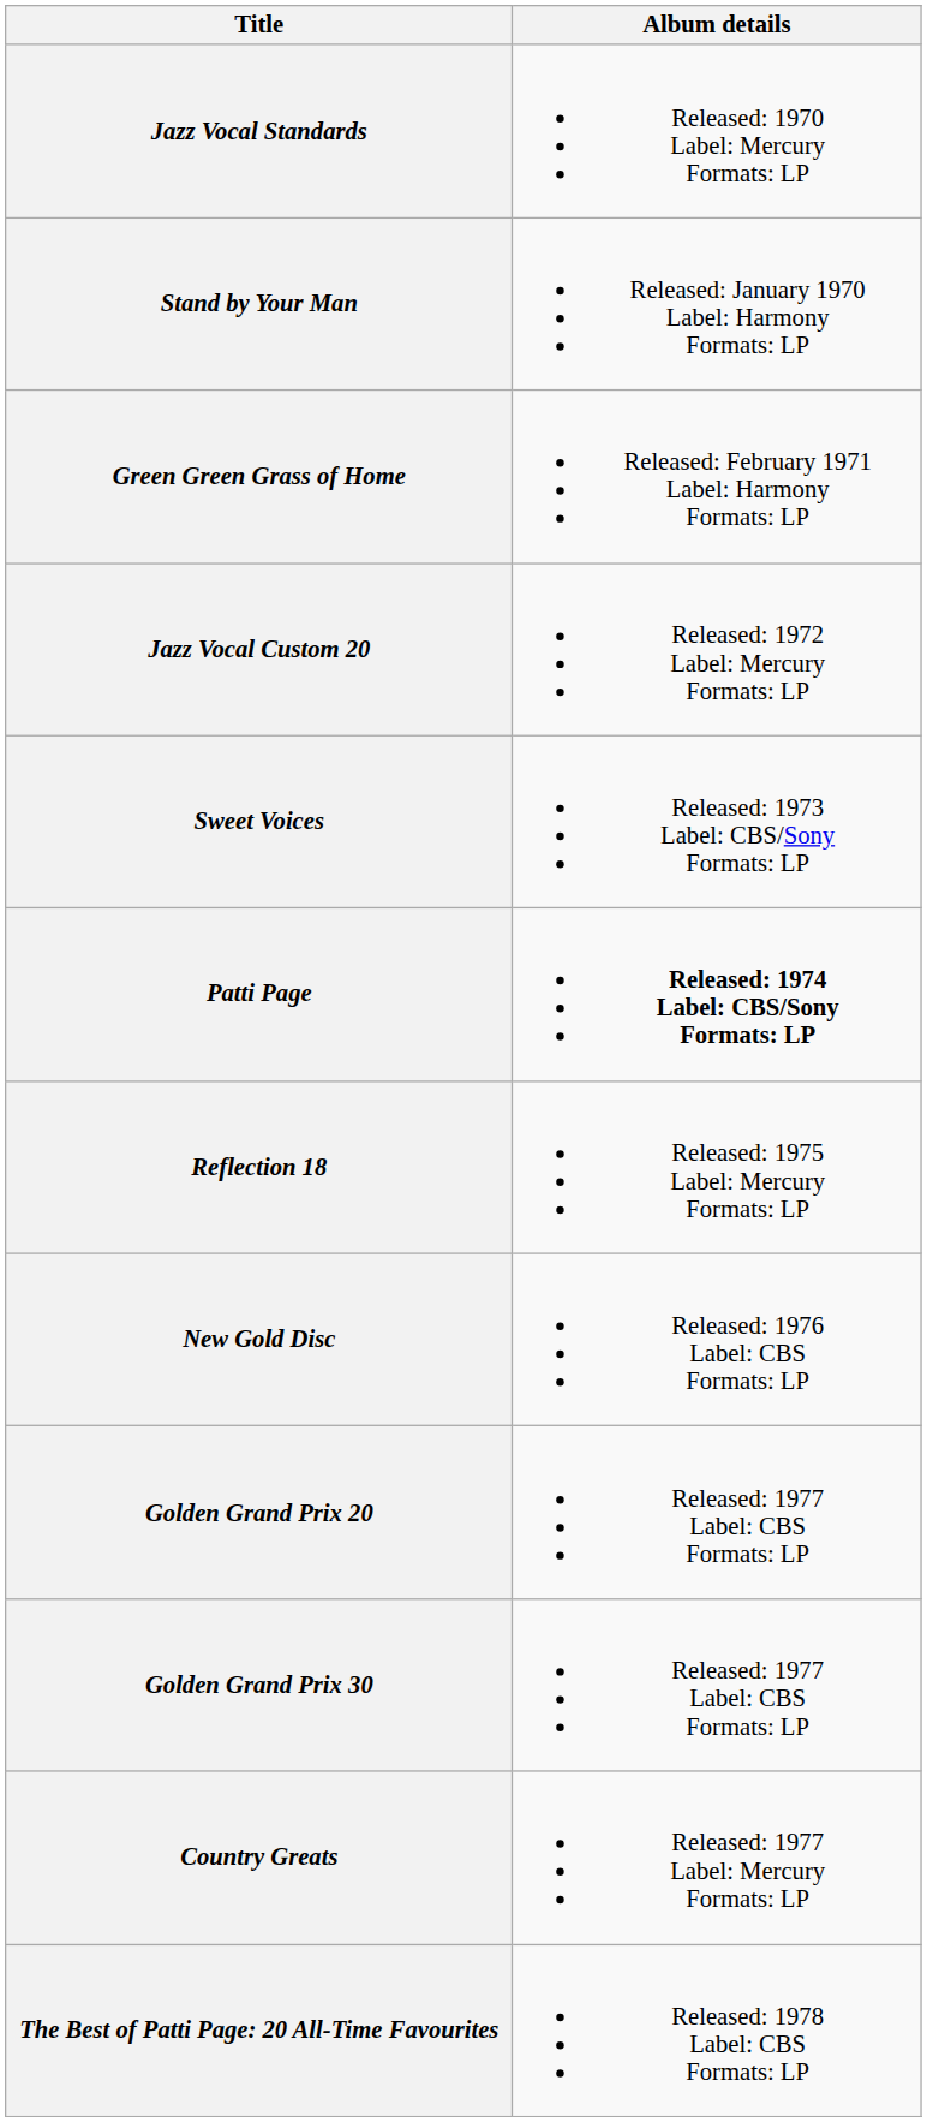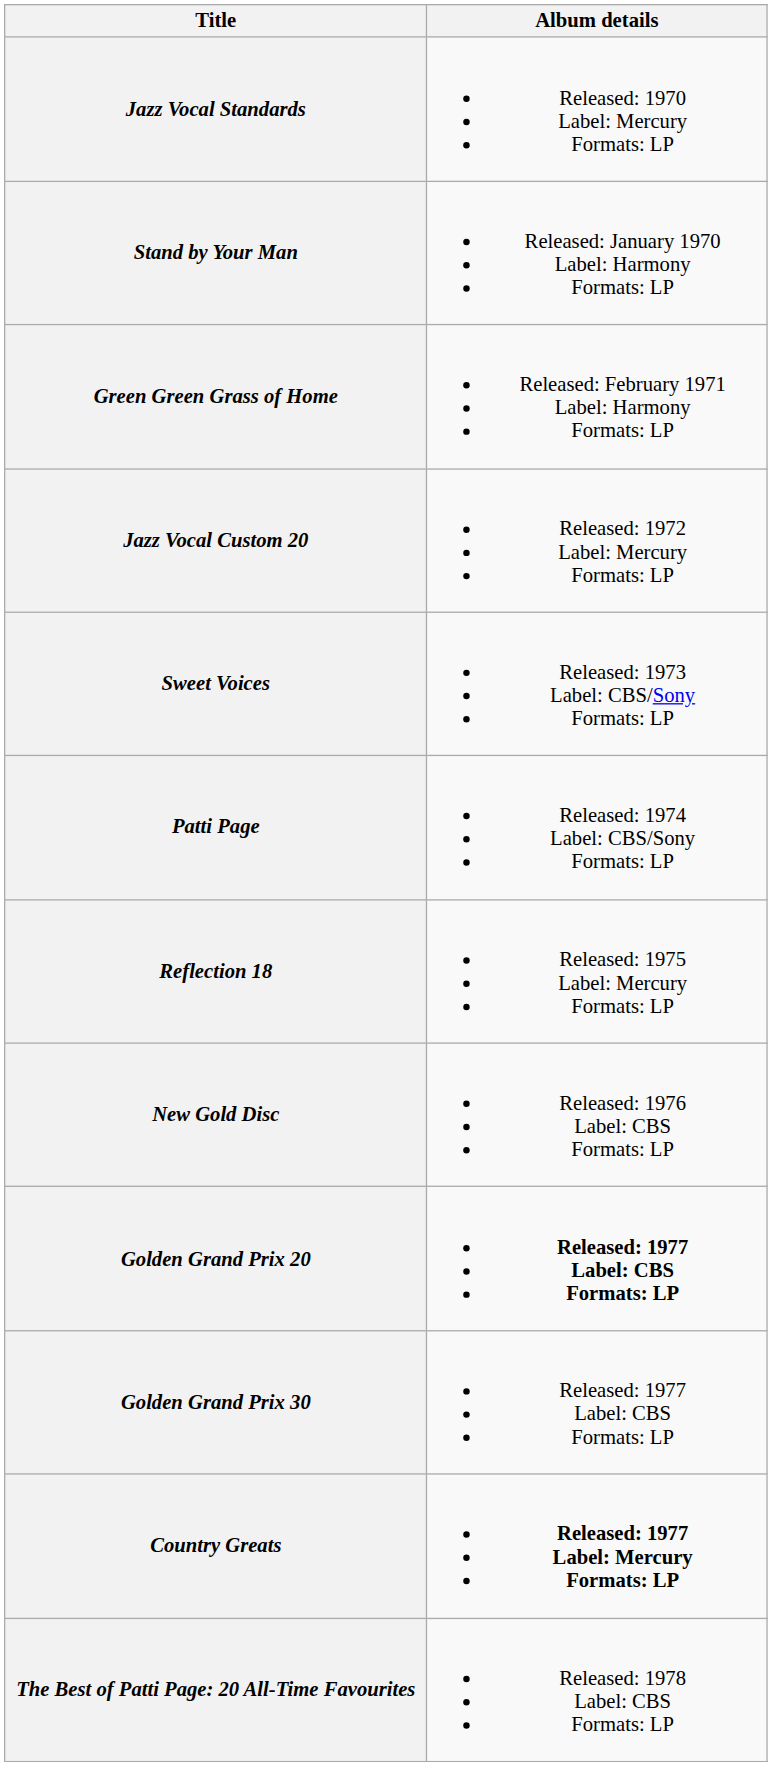 <table class="wikitable plainrowheaders" style="text-align:center;">
 <tr>
 <th scope="col" style="width:20em;">Title</th>
 <th scope="col" style="width:16em;">Album details</th>
 </tr>
 <tr>
 <th scope="row"><em>Jazz Vocal Standards</em><br></th>
 <td><br><ul><li>Released: 1970</li><li>Label: Mercury</li><li>Formats: LP</li></ul></td>
 </tr>
 <tr>
 <th scope="row"><em>Stand by Your Man</em></th>
 <td><br><ul><li>Released: January 1970</li><li>Label: Harmony</li><li>Formats: LP</li></ul></td>
 </tr>
 <tr>
 <th scope="row"><em>Green Green Grass of Home</em></th>
 <td><br><ul><li>Released: February 1971</li><li>Label: Harmony</li><li>Formats: LP</li></ul></td>
 </tr>
 <tr>
 <th scope="row"><em>Jazz Vocal Custom 20</em><br></th>
 <td><br><ul><li>Released: 1972</li><li>Label: Mercury</li><li>Formats: LP</li></ul></td>
 </tr>
 <tr>
 <th scope="row"><em>Sweet Voices</em><br></th>
 <td><br><ul><li>Released: 1973</li><li>Label: CBS/<a href='#'>Sony</a></li><li>Formats: LP</li></ul></td>
 </tr>
 <tr>
 <th scope="row"><em>Patti Page</em></th>
-<td><strong><br><ul><li>Released: 1974</li><li>Label: CBS/Sony</li><li>Formats: LP</li></ul></strong></td>
+<td><br><ul><li>Released: 1974</li><li>Label: CBS/Sony</li><li>Formats: LP</li></ul></td>
 </tr>
 <tr>
 <th scope="row"><em>Reflection 18</em></th>
 <td><br><ul><li>Released: 1975</li><li>Label: Mercury</li><li>Formats: LP</li></ul></td>
 </tr>
 <tr>
 <th scope="row"><em>New Gold Disc</em></th>
 <td><br><ul><li>Released: 1976</li><li>Label: CBS</li><li>Formats: LP</li></ul></td>
 </tr>
 <tr>
 <th scope="row"><em>Golden Grand Prix 20</em></th>
-<td><br><ul><li>Released: 1977</li><li>Label: CBS</li><li>Formats: LP</li></ul></td>
+<td><strong><br><ul><li>Released: 1977</li><li>Label: CBS</li><li>Formats: LP</li></ul></strong></td>
 </tr>
 <tr>
 <th scope="row"><em>Golden Grand Prix 30</em></th>
 <td><br><ul><li>Released: 1977</li><li>Label: CBS</li><li>Formats: LP</li></ul></td>
 </tr>
 <tr>
 <th scope="row"><em>Country Greats</em></th>
-<td><br><ul><li>Released: 1977</li><li>Label: Mercury</li><li>Formats: LP</li></ul></td>
+<td><strong><br><ul><li>Released: 1977</li><li>Label: Mercury</li><li>Formats: LP</li></ul></strong></td>
 </tr>
 <tr>
 <th scope="row"><em>The Best of Patti Page: 20 All-Time Favourites</em></th>
 <td><br><ul><li>Released: 1978</li><li>Label: CBS</li><li>Formats: LP</li></ul></td>
 </tr>
 <tr>
 </tr>
 </table>
